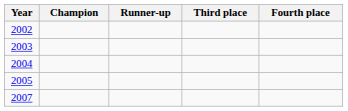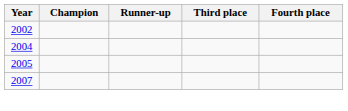 <table class="wikitable sortable" width=40%>
 <tr align="center">
 <th>Year</th>
 <th>Champion</th>
 <th>Runner-up</th>
 <th>Third place</th>
 <th>Fourth place</th>
 </tr>
 <tr align="center">
 <td><a href='#'>2002</a></td>
-<td><a href='#'></a></td>
-<td><a href='#'></a></td>
-<td><a href='#'></a></td>
-<td><a href='#'></a></td>
-</tr>
-<tr align="center">
-<td><a href='#'>2003</a></td>
 <td><a href='#'></a></td>
 <td><a href='#'></a></td>
 <td><a href='#'></a></td>
 <td><a href='#'></a></td>
 </tr>
 <tr align="center">
 <td><a href='#'>2004</a></td>
 <td><a href='#'></a></td>
 <td><a href='#'></a></td>
 <td><a href='#'></a></td>
 <td><a href='#'></a></td>
 </tr>
 <tr align="center">
 <td><a href='#'>2005</a></td>
 <td><a href='#'></a></td>
 <td><a href='#'></a></td>
 <td><a href='#'></a></td>
 <td><a href='#'></a></td>
 </tr>
 <tr align="center">
 <td><a href='#'>2007</a></td>
 <td><a href='#'></a></td>
 <td><a href='#'></a></td>
 <td><a href='#'></a></td>
 <td><a href='#'></a></td>
 </tr>
 </table>
